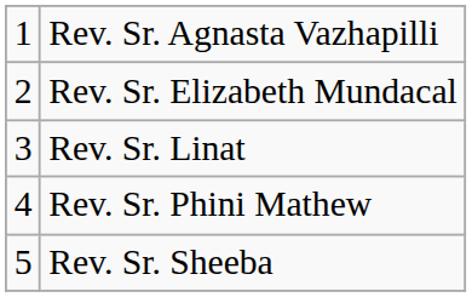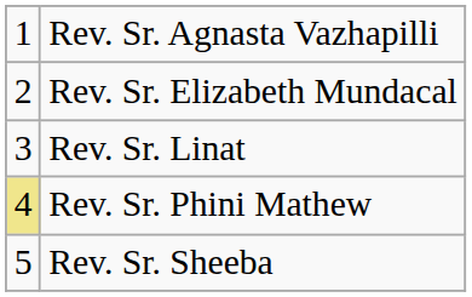 <table class="wikitable">
 <tr>
 <td>1</td>
 <td>Rev. Sr. Agnasta Vazhapilli</td>
 </tr>
 <tr>
 <td>2</td>
 <td>Rev. Sr. Elizabeth Mundacal</td>
 </tr>
 <tr>
 <td>3</td>
 <td>Rev. Sr. Linat</td>
 </tr>
 <tr>
-<td>4</td>
+<td style="background: khaki;">4</td>
 <td>Rev. Sr. Phini Mathew</td>
 </tr>
 <tr>
 <td>5</td>
 <td>Rev. Sr. Sheeba</td>
 </tr>
 </table>
